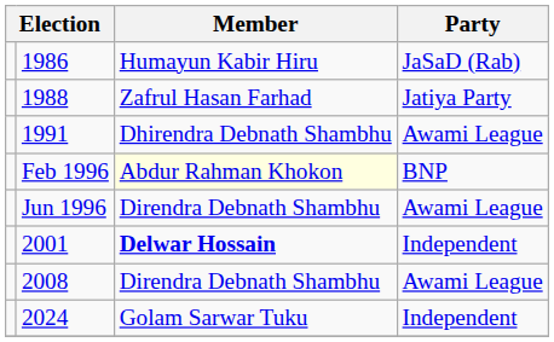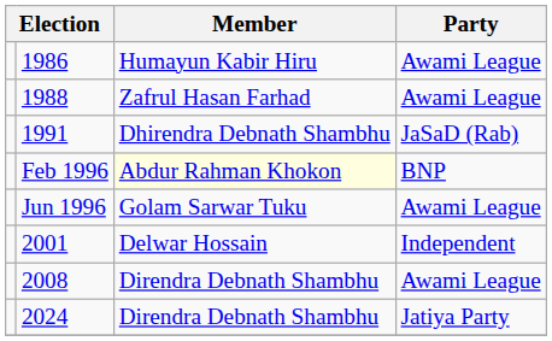 <table class="wikitable">
 <tr>
 <th colspan="2">Election</th>
 <th>Member</th>
 <th>Party</th>
 </tr>
 <tr>
 <td style="background-color:"></td>
 <td><a href='#'>1986</a></td>
 <td><a href='#'>Humayun Kabir Hiru</a></td>
-<td><a href='#'>JaSaD (Rab)</a></td>
+<td><a href='#'>Awami League</a></td>
 </tr>
 <tr>
 <td style="background-color:"></td>
 <td><a href='#'>1988</a></td>
 <td><a href='#'>Zafrul Hasan Farhad</a></td>
-<td><a href='#'>Jatiya Party</a></td>
+<td><a href='#'>Awami League</a></td>
 </tr>
 <tr>
 <td style="background-color:"></td>
 <td><a href='#'>1991</a></td>
 <td><a href='#'>Dhirendra Debnath Shambhu</a></td>
-<td><a href='#'>Awami League</a></td>
+<td><a href='#'>JaSaD (Rab)</a></td>
 </tr>
 <tr>
 <td style="background-color:"></td>
 <td><a href='#'>Feb 1996</a></td>
 <td style="background: lightyellow;"><a href='#'>Abdur Rahman Khokon</a></td>
 <td><a href='#'>BNP</a></td>
 </tr>
 <tr>
 <td style="background-color:"></td>
 <td><a href='#'>Jun 1996</a></td>
-<td><a href='#'>Direndra Debnath Shambhu</a></td>
+<td><a href='#'>Golam Sarwar Tuku</a></td>
 <td><a href='#'>Awami League</a></td>
 </tr>
 <tr>
 <td style="background-color:"></td>
 <td><a href='#'>2001</a></td>
-<td><strong><a href='#'>Delwar Hossain</a></strong></td>
+<td><a href='#'>Delwar Hossain</a></td>
 <td><a href='#'>Independent</a></td>
 </tr>
 <tr>
 <td style="background-color:"></td>
 <td><a href='#'>2008</a></td>
 <td><a href='#'>Direndra Debnath Shambhu</a></td>
 <td><a href='#'>Awami League</a></td>
 </tr>
 <tr>
 <td style="background-color:"></td>
 <td><a href='#'>2024</a></td>
-<td><a href='#'>Golam Sarwar Tuku</a></td>
-<td><a href='#'>Independent</a></td>
+<td><a href='#'>Direndra Debnath Shambhu</a></td>
+<td><a href='#'>Jatiya Party</a></td>
 </tr>
 <tr>
 </tr>
 </table>
